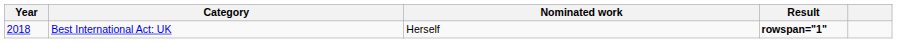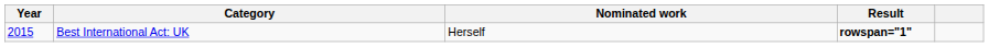 <table class="wikitable" style="width:85%;">
 <tr>
 <th width=5%>Year</th>
 <th style="width:40%;">Category</th>
 <th style="width:40%;">Nominated work</th>
 <th style="width:10%;">Result</th>
 <th width=5%></th>
 </tr>
 <tr>
-<td><a href='#'>2018</a></td>
+<td><a href='#'>2015</a></td>
 <td><a href='#'>Best International Act: UK</a></td>
 <td>Herself</td>
 <td><strong>rowspan="1" </strong></td>
 <td></td>
 </tr>
 </table>
